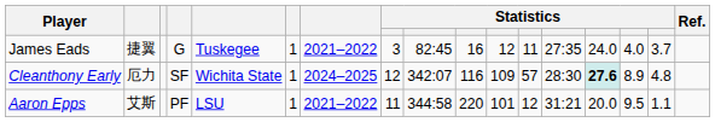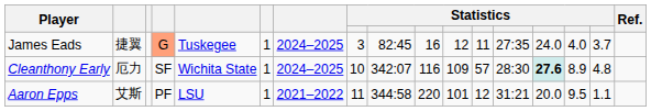 <table class="wikitable sortable" style="font-size:95%; text-align:right;">
 <tr>
 <th rowspan="2">Player</th>
 <th rowspan="2"></th>
 <th rowspan="2"></th>
 <th rowspan="2"></th>
 <th rowspan="2"></th>
 <th rowspan="2"></th>
 <th rowspan="2"></th>
 <th colspan="9">Statistics</th>
 <th rowspan="2">Ref.</th>
 </tr>
 <tr>
 <th></th>
 <th></th>
 <th></th>
 <th></th>
 <th></th>
 <th></th>
 <th></th>
 <th></th>
 <th></th>
 </tr>
 <tr>
 <td align="left">James Eads</td>
 <td align="left">捷翼</td>
 <td align="center"></td>
-<td align="center">G</td>
+<td align="center" style="background: lightsalmon;">G</td>
 <td align="left"><a href='#'>Tuskegee</a></td>
 <td align="center">1</td>
-<td align="center"><a href='#'>2021–2022</a></td>
+<td align="center"><a href='#'>2024–2025</a></td>
 <td>3</td>
 <td>82:45</td>
 <td>16</td>
 <td>12</td>
 <td>11</td>
 <td>27:35</td>
 <td>24.0</td>
 <td>4.0</td>
 <td>3.7</td>
 <td align="center"></td>
 </tr>
 <tr>
 <td align="left"><em><a href='#'>Cleanthony Early</a></em></td>
 <td align="left">厄力</td>
 <td align="center"></td>
 <td align="center">SF</td>
 <td align="left"><a href='#'>Wichita State</a></td>
 <td align="center">1</td>
 <td align="center"><a href='#'>2024–2025</a></td>
-<td>12</td>
+<td>10</td>
 <td>342:07</td>
 <td>116</td>
 <td>109</td>
 <td>57</td>
 <td>28:30</td>
 <td bgcolor="#CFECEC"><strong>27.6</strong></td>
 <td>8.9</td>
 <td>4.8</td>
 <td align="center"></td>
 </tr>
 <tr>
 <td align="left"><em><a href='#'>Aaron Epps</a></em></td>
 <td align="left">艾斯</td>
 <td align="center"></td>
 <td align="center">PF</td>
 <td align="left"><a href='#'>LSU</a></td>
 <td align="center">1</td>
 <td align="center"><a href='#'>2021–2022</a></td>
 <td>11</td>
 <td>344:58</td>
 <td>220</td>
 <td>101</td>
 <td>12</td>
 <td>31:21</td>
 <td>20.0</td>
 <td>9.5</td>
 <td>1.1</td>
 <td align="center"></td>
 </tr>
 </table>
